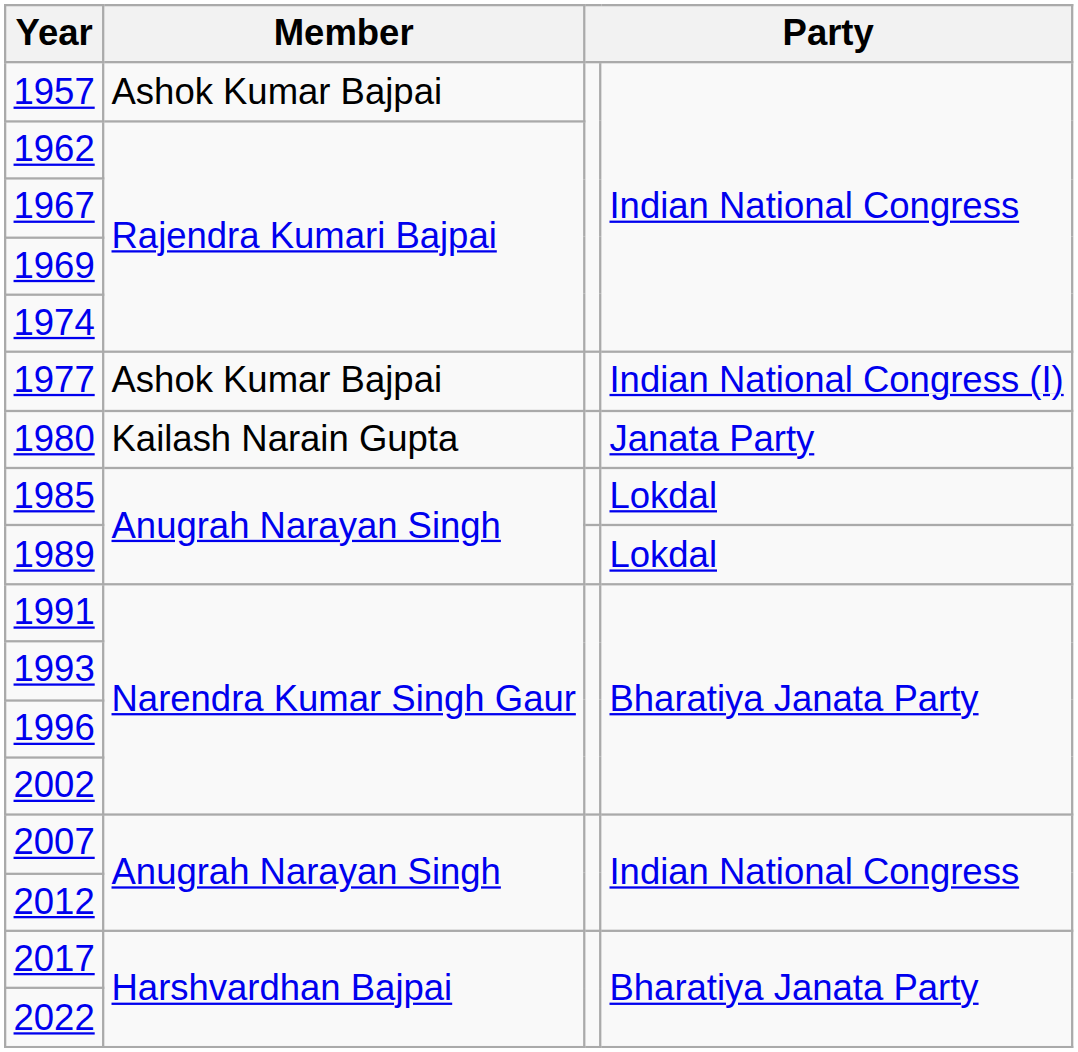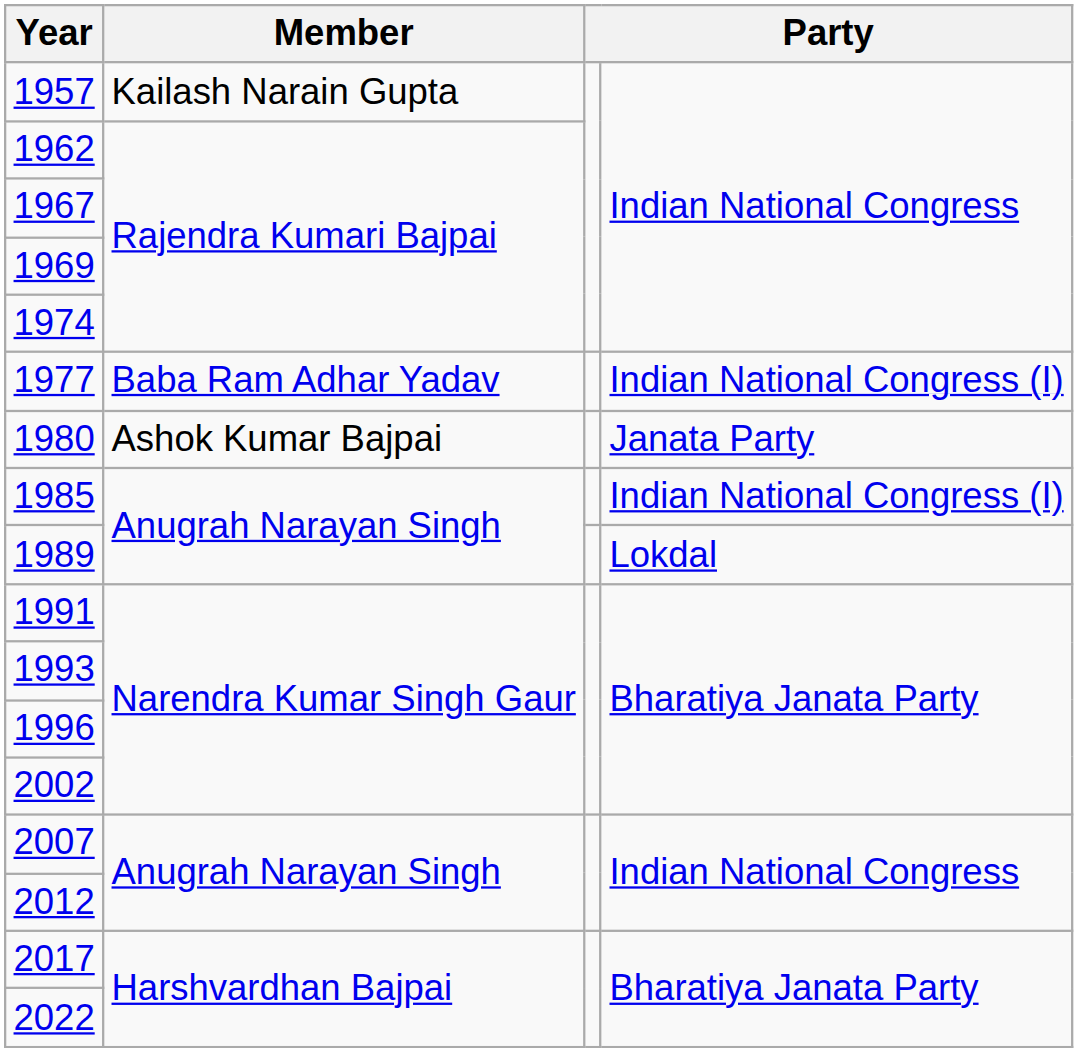 <table class="wikitable">
 <tr>
 <th>Year</th>
 <th>Member</th>
 <th colspan="2">Party</th>
 </tr>
 <tr>
 <td><a href='#'>1957</a></td>
-<td>Ashok Kumar Bajpai</td>
+<td>Kailash Narain Gupta</td>
 <td rowspan="5" style="background-color: "></td>
 <td rowspan="5"><a href='#'>Indian National Congress</a></td>
 </tr>
 <tr>
 <td><a href='#'>1962</a></td>
 <td rowspan="4"><a href='#'>Rajendra Kumari Bajpai</a></td>
 </tr>
 <tr>
 <td><a href='#'>1967</a></td>
 </tr>
 <tr>
 <td><a href='#'>1969</a></td>
 </tr>
 <tr>
 <td><a href='#'>1974</a></td>
 </tr>
 <tr>
 <td><a href='#'>1977</a></td>
-<td>Ashok Kumar Bajpai</td>
+<td><a href='#'>Baba Ram Adhar Yadav</a></td>
 <td style="background-color: "></td>
 <td><a href='#'>Indian National Congress (I)</a></td>
 </tr>
 <tr>
 <td><a href='#'>1980</a></td>
-<td>Kailash Narain Gupta</td>
+<td>Ashok Kumar Bajpai</td>
 <td style="background-color: "></td>
 <td><a href='#'>Janata Party</a></td>
 </tr>
 <tr>
 <td><a href='#'>1985</a></td>
 <td rowspan="2"><a href='#'>Anugrah Narayan Singh</a></td>
 <td style="background-color: "></td>
-<td><a href='#'>Lokdal</a></td>
+<td><a href='#'>Indian National Congress (I)</a></td>
 </tr>
 <tr>
 <td><a href='#'>1989</a></td>
 <td style="background-color: "></td>
 <td><a href='#'>Lokdal</a></td>
 </tr>
 <tr>
 <td><a href='#'>1991</a></td>
 <td rowspan="4"><a href='#'>Narendra Kumar Singh Gaur</a></td>
 <td rowspan="4" style="background-color: "></td>
 <td rowspan="4"><a href='#'>Bharatiya Janata Party</a></td>
 </tr>
 <tr>
 <td><a href='#'>1993</a></td>
 </tr>
 <tr>
 <td><a href='#'>1996</a></td>
 </tr>
 <tr>
 <td><a href='#'>2002</a></td>
 </tr>
 <tr>
 <td><a href='#'>2007</a></td>
 <td rowspan="2"><a href='#'>Anugrah Narayan Singh</a></td>
 <td rowspan="2" style="background-color: "></td>
 <td rowspan="2"><a href='#'>Indian National Congress</a></td>
 </tr>
 <tr>
 <td><a href='#'>2012</a></td>
 </tr>
 <tr>
 <td><a href='#'>2017</a></td>
 <td rowspan="2"><a href='#'>Harshvardhan Bajpai</a></td>
 <td rowspan="2" style="background-color: "></td>
 <td rowspan="2"><a href='#'>Bharatiya Janata Party</a></td>
 </tr>
 <tr>
 <td><a href='#'>2022</a></td>
 </tr>
 </table>
